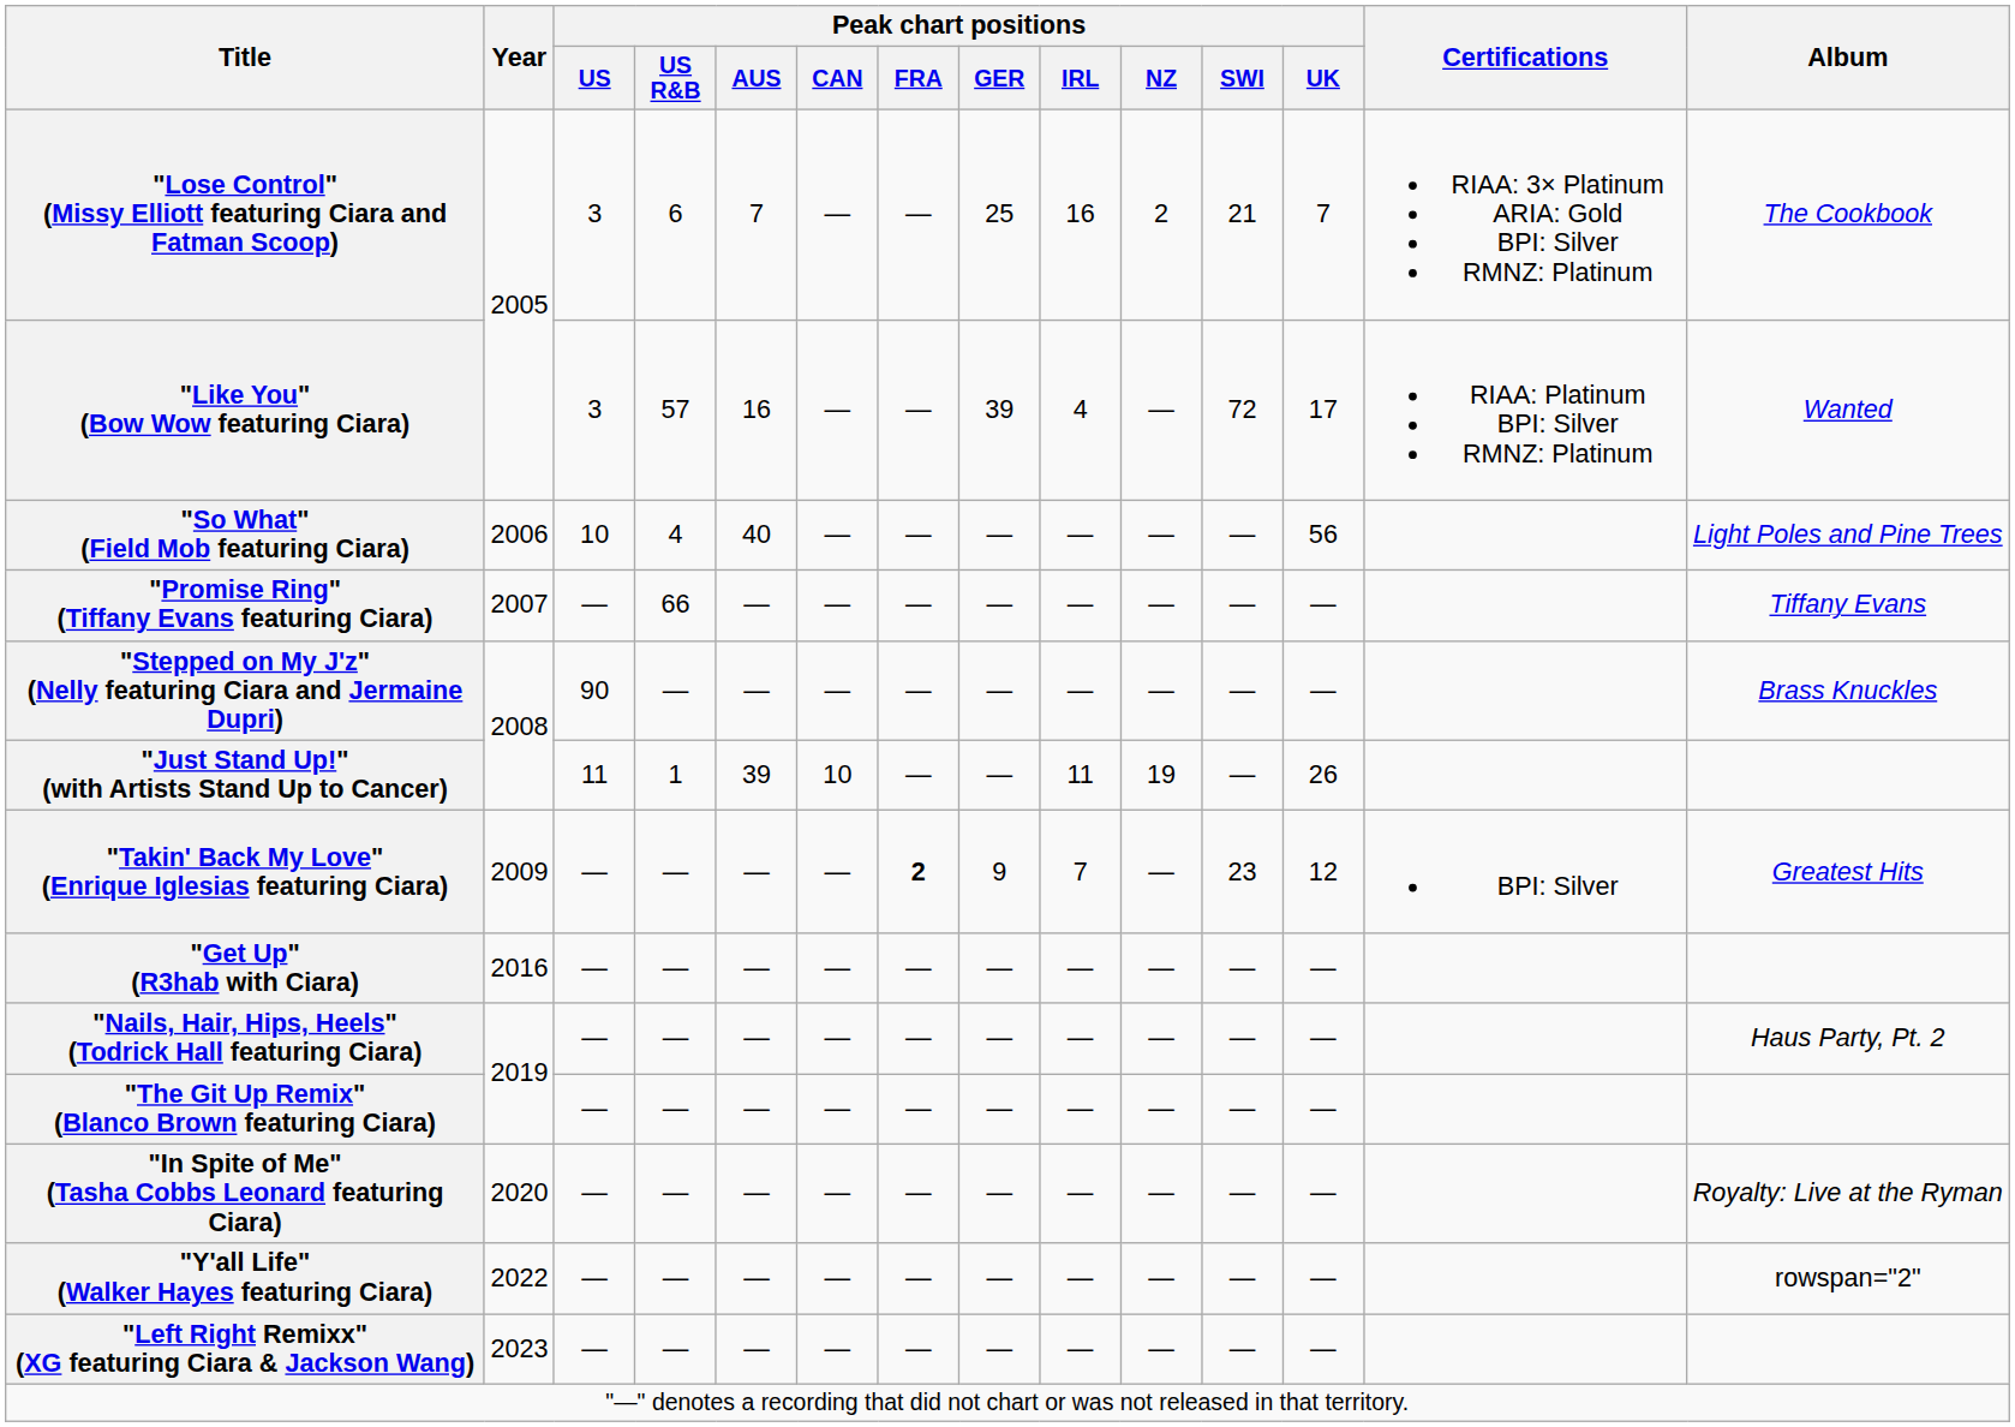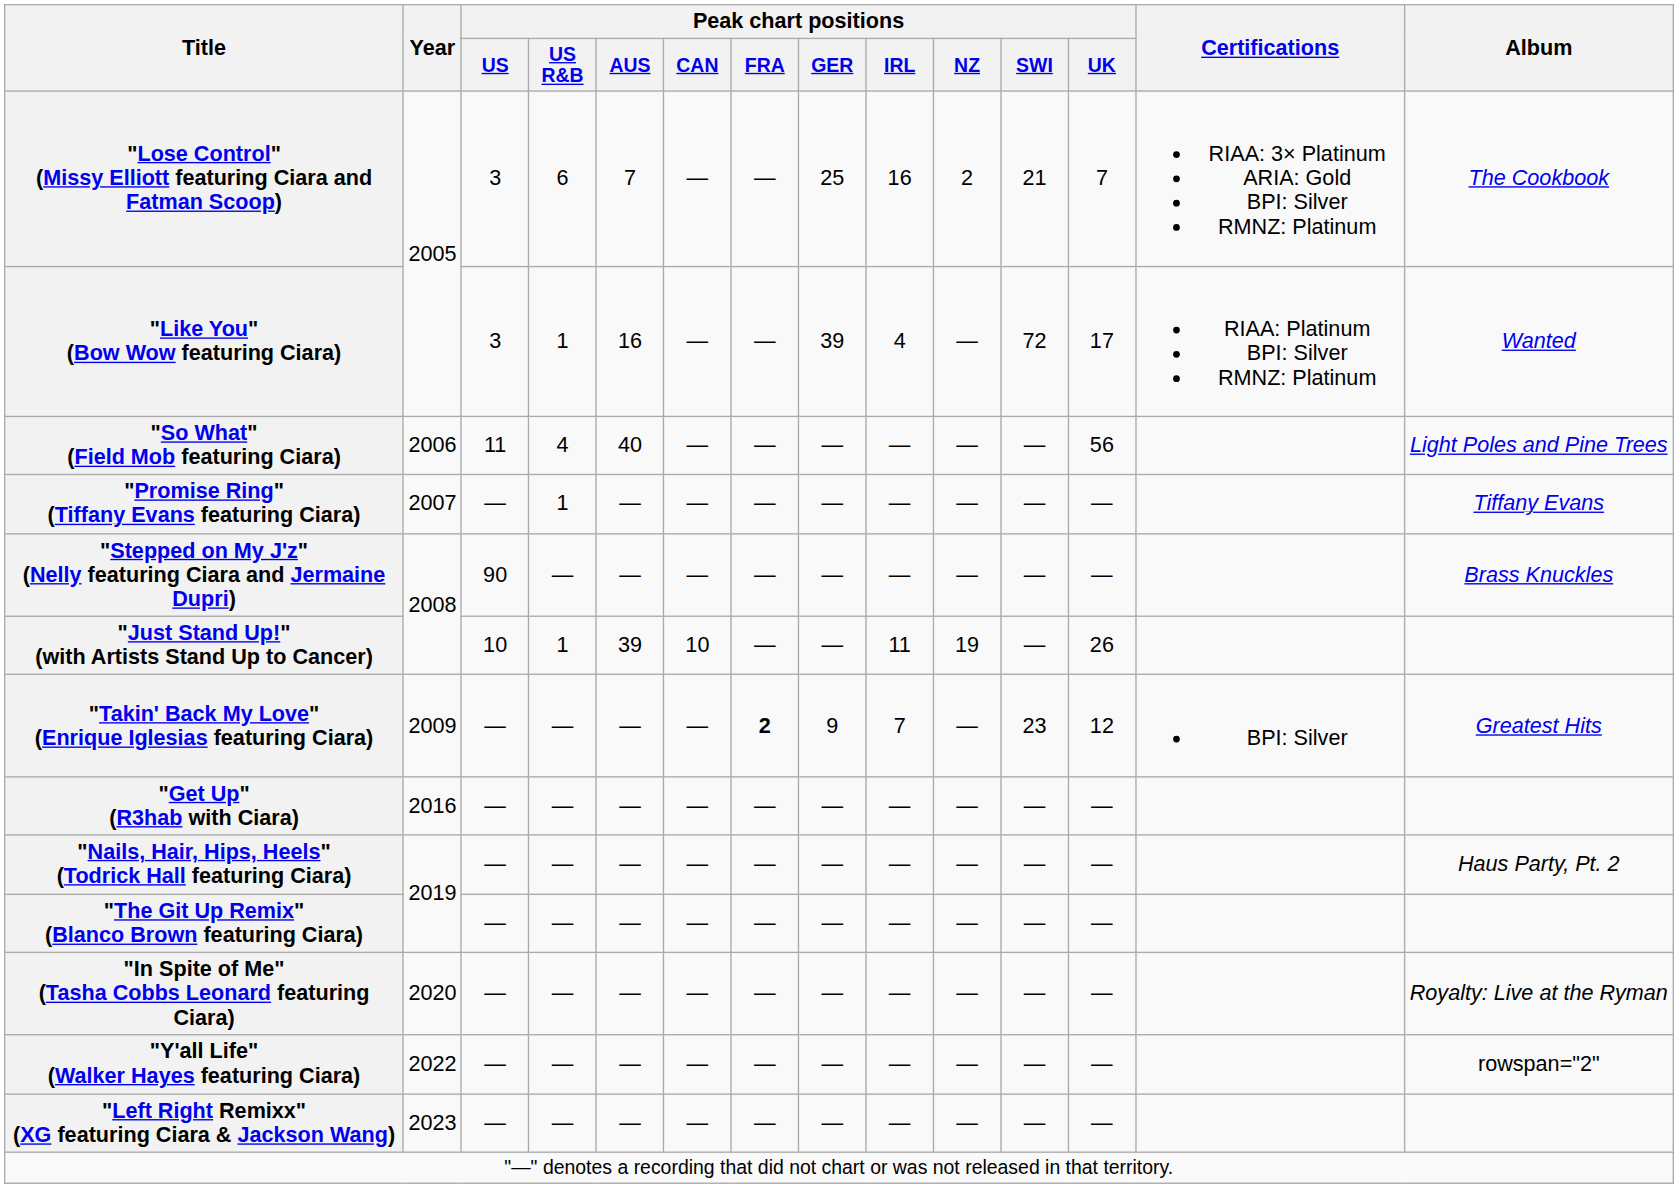 <table class="wikitable plainrowheaders" style="text-align:center;">
 <tr>
 <th scope="col" rowspan="2" style="width:18em;">Title</th>
 <th scope="col" rowspan="2">Year</th>
 <th scope="col" colspan="10">Peak chart positions</th>
 <th scope="col" rowspan="2" style="width:12em;"><a href='#'>Certifications</a></th>
 <th scope="col" rowspan="2">Album</th>
 </tr>
 <tr>
 <th scope="col" style="width:3em;font-size:90%;"><a href='#'>US</a><br></th>
 <th scope="col" style="width:3em;font-size:90%;"><a href='#'>US R&B</a><br></th>
 <th scope="col" style="width:3em;font-size:90%;"><a href='#'>AUS</a><br></th>
 <th scope="col" style="width:3em;font-size:90%;"><a href='#'>CAN</a><br></th>
 <th scope="col" style="width:3em;font-size:90%;"><a href='#'>FRA</a><br></th>
 <th scope="col" style="width:3em;font-size:90%;"><a href='#'>GER</a><br></th>
 <th scope="col" style="width:3em;font-size:90%;"><a href='#'>IRL</a><br></th>
 <th scope="col" style="width:3em;font-size:90%;"><a href='#'>NZ</a><br></th>
 <th scope="col" style="width:3em;font-size:90%;"><a href='#'>SWI</a><br></th>
 <th scope="col" style="width:3em;font-size:90%;"><a href='#'>UK</a><br></th>
 </tr>
 <tr>
 <th scope="row">"<a href='#'>Lose Control</a>"<br><span>(<a href='#'>Missy Elliott</a> featuring Ciara and <a href='#'>Fatman Scoop</a>)</span></th>
 <td rowspan="2">2005</td>
 <td>3</td>
 <td>6</td>
 <td>7</td>
 <td>—</td>
 <td>—</td>
 <td>25</td>
 <td>16</td>
 <td>2</td>
 <td>21</td>
 <td>7</td>
 <td><br><ul><li>RIAA: 3× Platinum</li><li>ARIA: Gold</li><li>BPI: Silver</li><li>RMNZ: Platinum</li></ul></td>
 <td><em><a href='#'>The Cookbook</a></em></td>
 </tr>
 <tr>
 <th scope="row">"<a href='#'>Like You</a>"<br><span>(<a href='#'>Bow Wow</a> featuring Ciara)</span></th>
 <td>3</td>
-<td>57</td>
+<td>1</td>
 <td>16</td>
 <td>—</td>
 <td>—</td>
 <td>39</td>
 <td>4</td>
 <td>—</td>
 <td>72</td>
 <td>17</td>
 <td><br><ul><li>RIAA: Platinum</li><li>BPI: Silver</li><li>RMNZ: Platinum</li></ul></td>
 <td><em><a href='#'>Wanted</a></em></td>
 </tr>
 <tr>
 <th scope="row">"<a href='#'>So What</a>"<br><span>(<a href='#'>Field Mob</a> featuring Ciara)</span></th>
 <td>2006</td>
-<td>10</td>
+<td>11</td>
 <td>4</td>
 <td>40</td>
 <td>—</td>
 <td>—</td>
 <td>—</td>
 <td>—</td>
 <td>—</td>
 <td>—</td>
 <td>56</td>
 <td></td>
 <td><em><a href='#'>Light Poles and Pine Trees</a></em></td>
 </tr>
 <tr>
 <th scope="row">"<a href='#'>Promise Ring</a>"<br><span>(<a href='#'>Tiffany Evans</a> featuring Ciara)</span></th>
 <td>2007</td>
 <td>—</td>
-<td>66</td>
+<td>1</td>
 <td>—</td>
 <td>—</td>
 <td>—</td>
 <td>—</td>
 <td>—</td>
 <td>—</td>
 <td>—</td>
 <td>—</td>
 <td></td>
 <td><em><a href='#'>Tiffany Evans</a></em></td>
 </tr>
 <tr>
 <th scope="row">"<a href='#'>Stepped on My J'z</a>"<br><span>(<a href='#'>Nelly</a> featuring Ciara and <a href='#'>Jermaine Dupri</a>)</span></th>
 <td rowspan="2">2008</td>
 <td>90</td>
 <td>—</td>
 <td>—</td>
 <td>—</td>
 <td>—</td>
 <td>—</td>
 <td>—</td>
 <td>—</td>
 <td>—</td>
 <td>—</td>
 <td></td>
 <td><em><a href='#'>Brass Knuckles</a></em></td>
 </tr>
 <tr>
 <th scope="row">"<a href='#'>Just Stand Up!</a>"<br><span>(with Artists Stand Up to Cancer)</span></th>
-<td>11</td>
+<td>10</td>
 <td>1</td>
 <td>39</td>
 <td>10</td>
 <td>—</td>
 <td>—</td>
 <td>11</td>
 <td>19</td>
 <td>—</td>
 <td>26</td>
 <td></td>
 <td></td>
 </tr>
 <tr>
 <th scope="row">"<a href='#'>Takin' Back My Love</a>"<br><span>(<a href='#'>Enrique Iglesias</a> featuring Ciara)</span></th>
 <td>2009</td>
 <td>—</td>
 <td>—</td>
 <td>—</td>
 <td>—</td>
 <td><strong>2</strong></td>
 <td>9</td>
 <td>7</td>
 <td>—</td>
 <td>23</td>
 <td>12</td>
 <td><br><ul><li>BPI: Silver</li></ul></td>
 <td><em><a href='#'>Greatest Hits</a></em></td>
 </tr>
 <tr>
 <th scope="row">"<a href='#'>Get Up</a>"<br><span>(<a href='#'>R3hab</a> with Ciara)</span></th>
 <td>2016</td>
 <td>—</td>
 <td>—</td>
 <td>—</td>
 <td>—</td>
 <td>—</td>
 <td>—</td>
 <td>—</td>
 <td>—</td>
 <td>—</td>
 <td>—</td>
 <td></td>
 <td></td>
 </tr>
 <tr>
 <th scope="row">"<a href='#'>Nails, Hair, Hips, Heels</a>"<br><span>(<a href='#'>Todrick Hall</a> featuring Ciara)</span></th>
 <td rowspan="2">2019</td>
 <td>—</td>
 <td>—</td>
 <td>—</td>
 <td>—</td>
 <td>—</td>
 <td>—</td>
 <td>—</td>
 <td>—</td>
 <td>—</td>
 <td>—</td>
 <td></td>
 <td><em>Haus Party, Pt. 2</em></td>
 </tr>
 <tr>
 <th scope="row">"<a href='#'>The Git Up Remix</a>"<br><span>(<a href='#'>Blanco Brown</a> featuring Ciara)</span></th>
 <td>—</td>
 <td>—</td>
 <td>—</td>
 <td>—</td>
 <td>—</td>
 <td>—</td>
 <td>—</td>
 <td>—</td>
 <td>—</td>
 <td>—</td>
 <td></td>
 <td></td>
 </tr>
 <tr>
 <th scope="row">"In Spite of Me"<br><span>(<a href='#'>Tasha Cobbs Leonard</a> featuring Ciara)</span></th>
 <td>2020</td>
 <td>—</td>
 <td>—</td>
 <td>—</td>
 <td>—</td>
 <td>—</td>
 <td>—</td>
 <td>—</td>
 <td>—</td>
 <td>—</td>
 <td>—</td>
 <td></td>
 <td><em>Royalty: Live at the Ryman</em></td>
 </tr>
 <tr>
 <th scope="row">"Y'all Life"<br><span>(<a href='#'>Walker Hayes</a> featuring Ciara)</span></th>
 <td>2022</td>
 <td>—</td>
 <td>—</td>
 <td>—</td>
 <td>—</td>
 <td>—</td>
 <td>—</td>
 <td>—</td>
 <td>—</td>
 <td>—</td>
 <td>—</td>
 <td></td>
 <td>rowspan="2" </td>
 </tr>
 <tr>
 <th scope="row">"<a href='#'>Left Right</a> Remixx"<br><span>(<a href='#'>XG</a> featuring Ciara & <a href='#'>Jackson Wang</a>)</span></th>
 <td>2023</td>
 <td>—</td>
 <td>—</td>
 <td>—</td>
 <td>—</td>
 <td>—</td>
 <td>—</td>
 <td>—</td>
 <td>—</td>
 <td>—</td>
 <td>—</td>
 <td></td>
 </tr>
 <tr>
 <td colspan="14" style="font-size:90%">"—" denotes a recording that did not chart or was not released in that territory.</td>
 </tr>
 </table>
